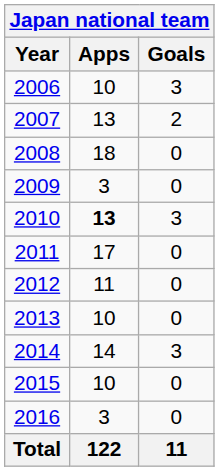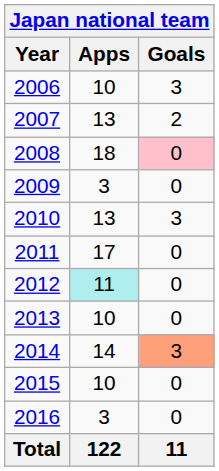 <table class="wikitable" style="text-align:center">
 <tr>
 <th colspan=3><a href='#'>Japan national team</a></th>
 </tr>
 <tr>
 <th>Year</th>
 <th>Apps</th>
 <th>Goals</th>
 </tr>
 <tr>
 <td><a href='#'>2006</a></td>
 <td>10</td>
 <td>3</td>
 </tr>
 <tr>
 <td><a href='#'>2007</a></td>
 <td>13</td>
 <td>2</td>
 </tr>
 <tr>
 <td><a href='#'>2008</a></td>
 <td>18</td>
-<td>0</td>
+<td style="background: pink;">0</td>
 </tr>
 <tr>
 <td><a href='#'>2009</a></td>
 <td>3</td>
 <td>0</td>
 </tr>
 <tr>
 <td><a href='#'>2010</a></td>
-<td><strong>13</strong></td>
+<td>13</td>
 <td>3</td>
 </tr>
 <tr>
 <td><a href='#'>2011</a></td>
 <td>17</td>
 <td>0</td>
 </tr>
 <tr>
 <td><a href='#'>2012</a></td>
-<td>11</td>
+<td style="background: paleturquoise;">11</td>
 <td>0</td>
 </tr>
 <tr>
 <td><a href='#'>2013</a></td>
 <td>10</td>
 <td>0</td>
 </tr>
 <tr>
 <td><a href='#'>2014</a></td>
 <td>14</td>
-<td>3</td>
+<td style="background: lightsalmon;">3</td>
 </tr>
 <tr>
 <td><a href='#'>2015</a></td>
 <td>10</td>
 <td>0</td>
 </tr>
 <tr>
 <td><a href='#'>2016</a></td>
 <td>3</td>
 <td>0</td>
 </tr>
 <tr>
 <th>Total</th>
 <th>122</th>
 <th>11</th>
 </tr>
 </table>
